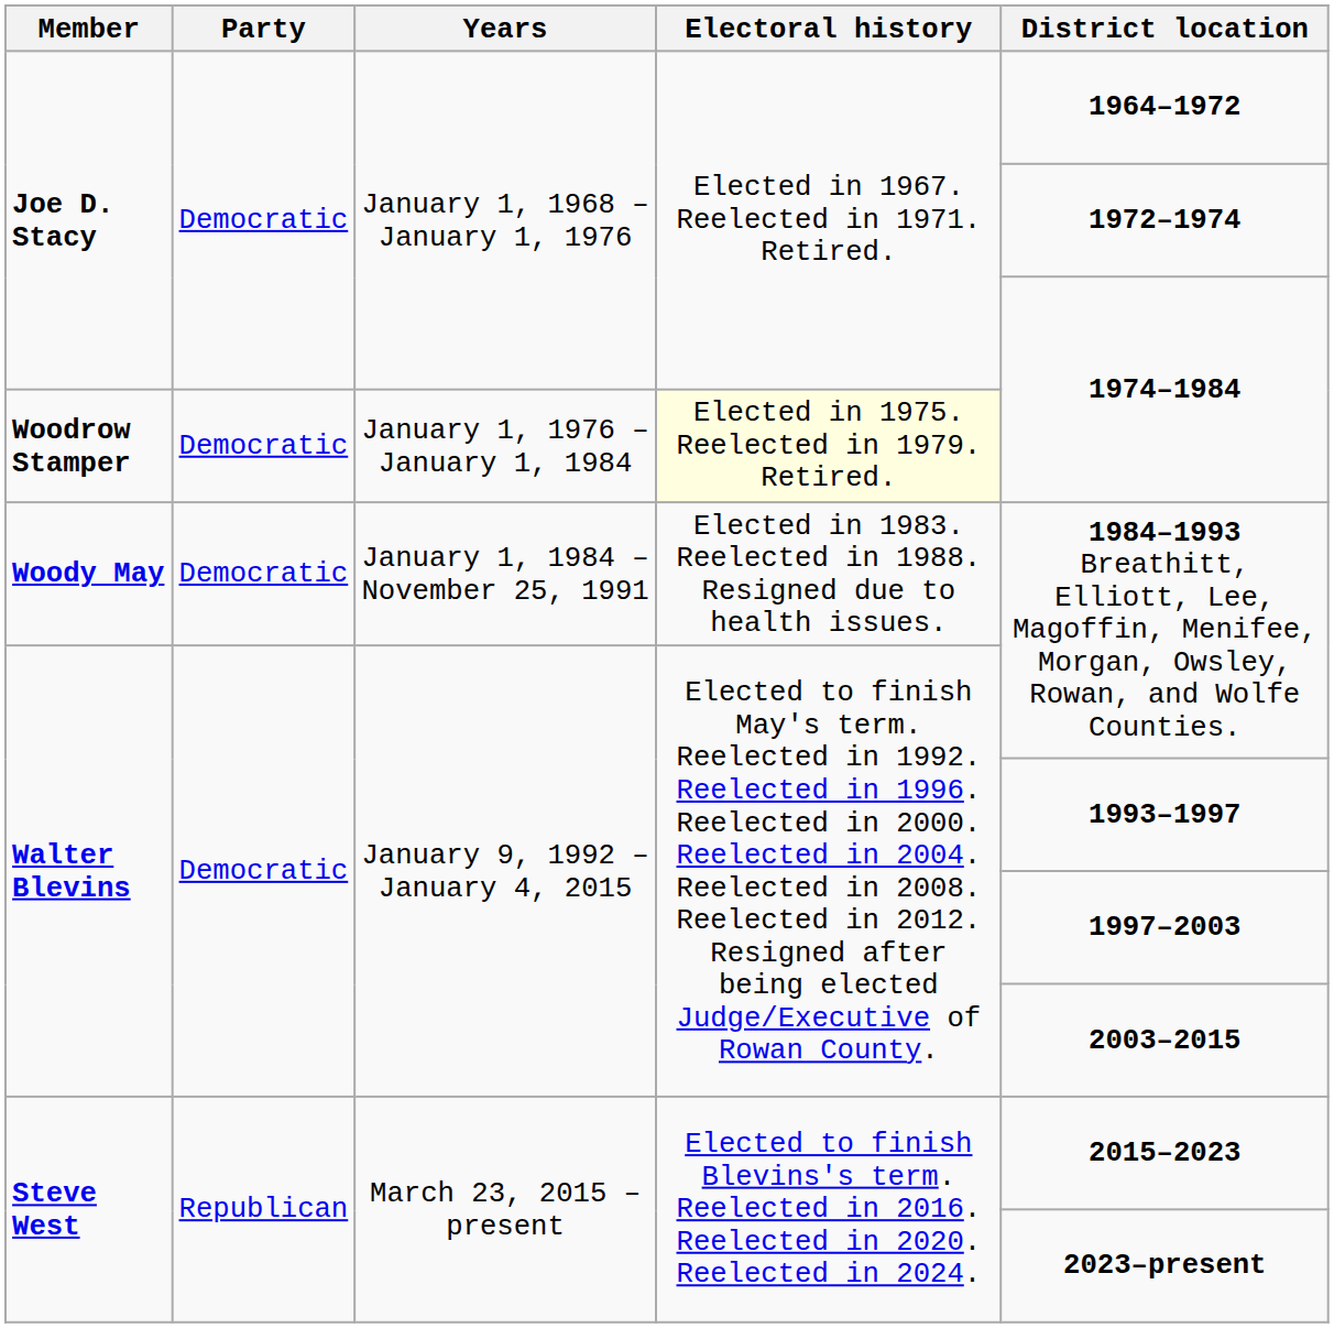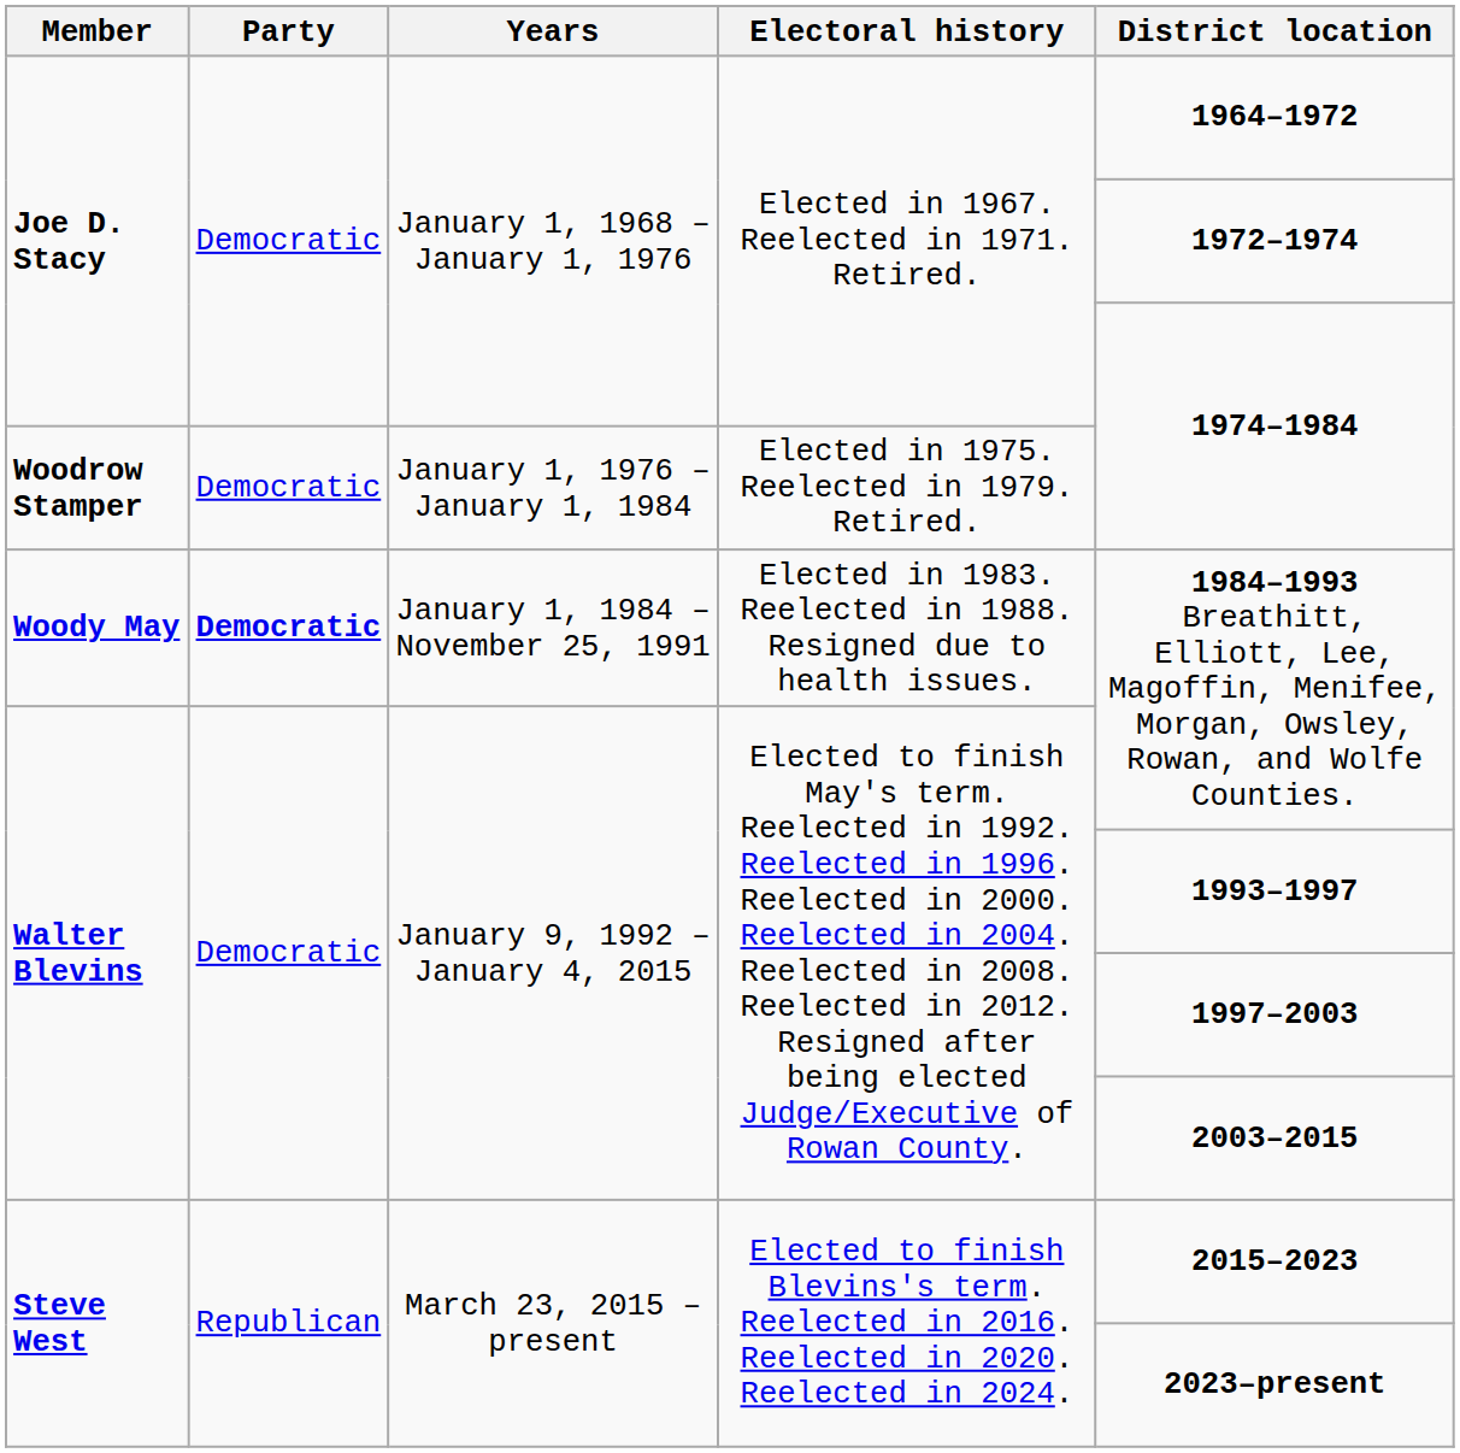 <table class=wikitable style="text-align:center">
 <tr>
 <th>Member</th>
 <th>Party</th>
 <th>Years</th>
 <th>Electoral history</th>
 <th>District location</th>
 </tr>
 <tr style="height:4em">
 <td rowspan=3 align=left><strong>Joe D. Stacy</strong><br></td>
 <td rowspan=3 ><a href='#'>Democratic</a></td>
 <td rowspan=3 nowrap>January 1, 1968 –<br>January 1, 1976</td>
 <td rowspan=3>Elected in 1967.<br>Reelected in 1971.<br>Retired.</td>
 <td><strong>1964–1972</strong><br></td>
 </tr>
 <tr style="height:4em">
 <td><strong>1972–1974</strong><br></td>
 </tr>
 <tr style="height:4em">
 <td rowspan=2><strong>1974–1984</strong><br></td>
 </tr>
 <tr style="height:4em">
 <td align=left><strong>Woodrow Stamper</strong><br></td>
 <td><a href='#'>Democratic</a></td>
 <td nowrap>January 1, 1976 –<br>January 1, 1984</td>
-<td style="background: lightyellow;">Elected in 1975.<br>Reelected in 1979.<br>Retired.</td>
+<td>Elected in 1975.<br>Reelected in 1979.<br>Retired.</td>
 </tr>
 <tr style="height:4em">
 <td align=left><strong><a href='#'>Woody May</a></strong><br></td>
-<td><a href='#'>Democratic</a></td>
+<td><strong><a href='#'>Democratic</a></strong></td>
 <td nowrap>January 1, 1984 –<br>November 25, 1991</td>
 <td>Elected in 1983.<br>Reelected in 1988.<br>Resigned due to health issues.</td>
 <td rowspan=2><strong>1984–1993</strong><br>Breathitt, Elliott, Lee, Magoffin, Menifee,<br>Morgan, Owsley, Rowan, and Wolfe Counties.</td>
 </tr>
 <tr style="height:4em">
 <td rowspan=4 align=left><strong><a href='#'>Walter Blevins</a></strong><br></td>
 <td rowspan=4 ><a href='#'>Democratic</a></td>
 <td rowspan=4 nowrap>January 9, 1992 –<br>January 4, 2015</td>
 <td rowspan=4>Elected to finish May's term.<br>Reelected in 1992.<br><a href='#'>Reelected in 1996</a>.<br>Reelected in 2000.<br><a href='#'>Reelected in 2004</a>.<br>Reelected in 2008.<br>Reelected in 2012.<br>Resigned after being elected<br><a href='#'>Judge/Executive</a> of <a href='#'>Rowan County</a>.</td>
 </tr>
 <tr style="height:4em">
 <td><strong>1993–1997</strong><br></td>
 </tr>
 <tr style="height:4em">
 <td><strong>1997–2003</strong><br></td>
 </tr>
 <tr style="height:4em">
 <td><strong>2003–2015</strong><br></td>
 </tr>
 <tr style="height:4em">
 <td rowspan=2 align=left><strong><a href='#'>Steve West</a></strong><br></td>
 <td rowspan=2 ><a href='#'>Republican</a></td>
 <td rowspan=2 nowrap>March 23, 2015 –<br>present</td>
 <td rowspan=2><a href='#'>Elected to finish Blevins's term</a>.<br><a href='#'>Reelected in 2016</a>.<br><a href='#'>Reelected in 2020</a>.<br><a href='#'>Reelected in 2024</a>.</td>
 <td><strong>2015–2023</strong><br></td>
 </tr>
 <tr style="height:4em">
 <td><strong>2023–present</strong><br></td>
 </tr>
 </table>
